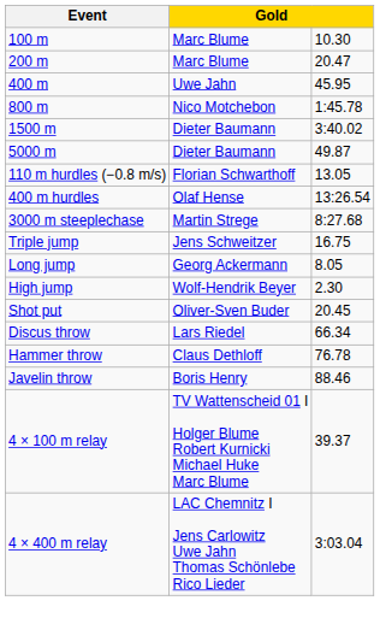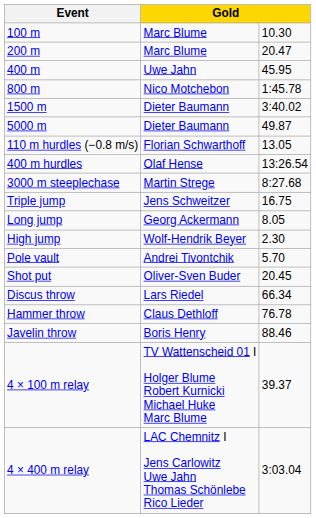 <table class="wikitable">
 <tr>
 <th>Event</th>
 <th style="background:gold;" colspan=2>Gold</th>
 </tr>
 <tr>
 <td><a href='#'>100 m</a></td>
 <td><a href='#'>Marc Blume</a></td>
 <td>10.30 </td>
 </tr>
 <tr>
 <td><a href='#'>200 m</a></td>
 <td><a href='#'>Marc Blume</a></td>
 <td>20.47 </td>
 </tr>
 <tr>
 <td><a href='#'>400 m</a></td>
 <td><a href='#'>Uwe Jahn</a></td>
 <td>45.95 </td>
 </tr>
 <tr>
 <td><a href='#'>800 m</a></td>
 <td><a href='#'>Nico Motchebon</a></td>
 <td>1:45.78</td>
 </tr>
 <tr>
 <td><a href='#'>1500 m</a></td>
 <td><a href='#'>Dieter Baumann</a></td>
 <td>3:40.02</td>
 </tr>
 <tr>
 <td><a href='#'>5000 m</a></td>
 <td><a href='#'>Dieter Baumann</a></td>
 <td>49.87 </td>
 </tr>
 <tr>
 <td><a href='#'>110 m hurdles</a> (−0.8 m/s)</td>
 <td><a href='#'>Florian Schwarthoff</a></td>
 <td>13.05 </td>
 </tr>
 <tr>
 <td><a href='#'>400 m hurdles</a></td>
 <td><a href='#'>Olaf Hense</a></td>
 <td>13:26.54</td>
 </tr>
 <tr>
 <td><a href='#'>3000 m steeplechase</a></td>
 <td><a href='#'>Martin Strege</a></td>
 <td>8:27.68</td>
 </tr>
 <tr>
 <td><a href='#'>Triple jump</a></td>
 <td><a href='#'>Jens Schweitzer</a></td>
 <td>16.75 </td>
 </tr>
 <tr>
 <td><a href='#'>Long jump</a></td>
 <td><a href='#'>Georg Ackermann</a></td>
 <td>8.05</td>
 </tr>
 <tr>
 <td><a href='#'>High jump</a></td>
 <td><a href='#'>Wolf-Hendrik Beyer</a></td>
 <td>2.30 </td>
 </tr>
 <tr>
+<td><a href='#'>Pole vault</a></td>
+<td><a href='#'>Andrei Tivontchik</a></td>
+<td>5.70</td>
+</tr>
+<tr>
 <td><a href='#'>Shot put</a></td>
 <td><a href='#'>Oliver-Sven Buder</a></td>
 <td>20.45</td>
 </tr>
 <tr>
 <td><a href='#'>Discus throw</a></td>
 <td><a href='#'>Lars Riedel</a></td>
 <td>66.34</td>
 </tr>
 <tr>
 <td><a href='#'>Hammer throw</a></td>
 <td><a href='#'>Claus Dethloff</a></td>
 <td>76.78 </td>
 </tr>
 <tr>
 <td><a href='#'>Javelin throw</a></td>
 <td><a href='#'>Boris Henry</a></td>
 <td>88.46 </td>
 </tr>
 <tr>
 <td><a href='#'>4 × 100 m relay</a></td>
 <td><a href='#'>TV Wattenscheid 01</a> I <br><br><a href='#'>Holger Blume</a> <br> <a href='#'>Robert Kurnicki</a> <br> <a href='#'>Michael Huke</a> <br> <a href='#'>Marc Blume</a></td>
 <td>39.37</td>
 </tr>
 <tr>
 <td><a href='#'>4 × 400 m relay</a></td>
 <td><a href='#'>LAC Chemnitz</a> I <br><br><a href='#'>Jens Carlowitz</a> <br> <a href='#'>Uwe Jahn</a> <br> <a href='#'>Thomas Schönlebe</a> <br> <a href='#'>Rico Lieder</a></td>
 <td>3:03.04 </td>
 </tr>
 </table>
